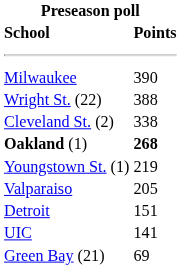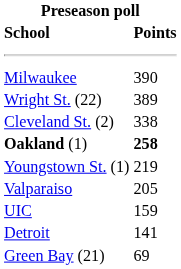 <table class="toccolours" style="float: left; margin-right: 1em;" cellspacing="2">
 <tr>
 <th colspan="2" style="text-align: center;"><strong>Preseason poll</strong></th>
 </tr>
 <tr>
 <td><strong>School</strong></td>
 <td><strong>Points</strong></td>
 </tr>
 <tr>
 <td colspan="2"><hr></td>
 </tr>
 <tr>
 <td><a href='#'>Milwaukee</a></td>
 <td>390</td>
 </tr>
 <tr>
 <td><a href='#'>Wright St.</a> (22)</td>
-<td>388</td>
+<td>389</td>
 </tr>
 <tr>
 <td><a href='#'>Cleveland St.</a> (2)</td>
 <td>338</td>
 </tr>
 <tr>
 <td><strong>Oakland</strong> (1)</td>
-<td><strong>268</strong></td>
+<td><strong>258</strong></td>
 </tr>
 <tr>
 <td><a href='#'>Youngstown St.</a> (1)</td>
 <td>219</td>
 </tr>
 <tr>
 <td><a href='#'>Valparaiso</a></td>
 <td>205</td>
 </tr>
 <tr>
-<td><a href='#'>Detroit</a></td>
-<td>151</td>
+<td><a href='#'>UIC</a></td>
+<td>159</td>
 </tr>
 <tr>
-<td><a href='#'>UIC</a></td>
+<td><a href='#'>Detroit</a></td>
 <td>141</td>
 </tr>
 <tr>
 <td><a href='#'>Green Bay</a> (21)</td>
 <td>69</td>
 </tr>
 <tr>
 <td colspan=2><em></em></td>
 </tr>
 </table>
